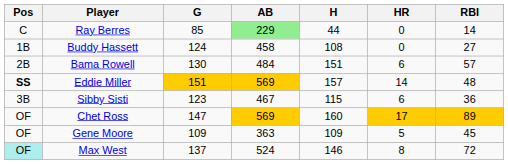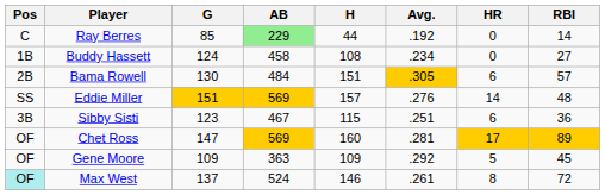 <table class="wikitable sortable">
 <tr>
 <th bgcolor="#DDDDFF" width="5%">Pos</th>
 <th bgcolor="#DDDDFF" width="16%">Player</th>
 <th bgcolor="#DDDDFF" width="9%">G</th>
 <th bgcolor="#DDDDFF" width="9%">AB</th>
 <th bgcolor="#DDDDFF" width="9%">H</th>
+<th bgcolor="#DDDDFF" width="9%">Avg.</th>
 <th bgcolor="#DDDDFF" width="9%">HR</th>
 <th bgcolor="#DDDDFF" width="9%">RBI</th>
 </tr>
 <tr align="center">
 <td>C</td>
 <td><a href='#'>Ray Berres</a></td>
 <td>85</td>
 <td style="background: lightgreen;">229</td>
 <td>44</td>
+<td>.192</td>
 <td>0</td>
 <td>14</td>
 </tr>
 <tr align=center>
 <td>1B</td>
 <td><a href='#'>Buddy Hassett</a></td>
 <td>124</td>
 <td>458</td>
 <td>108</td>
+<td>.234</td>
 <td>0</td>
 <td>27</td>
 </tr>
 <tr align=center>
 <td>2B</td>
 <td><a href='#'>Bama Rowell</a></td>
 <td>130</td>
 <td>484</td>
 <td>151</td>
+<td style="background:#fc0;">.305</td>
 <td>6</td>
 <td>57</td>
 </tr>
 <tr align=center>
-<td><strong>SS</strong></td>
+<td>SS</td>
 <td><a href='#'>Eddie Miller</a></td>
 <td style="background:#fc0;">151</td>
 <td style="background:#fc0;">569</td>
 <td>157</td>
+<td>.276</td>
 <td>14</td>
 <td>48</td>
 </tr>
 <tr align=center>
 <td>3B</td>
 <td><a href='#'>Sibby Sisti</a></td>
 <td>123</td>
 <td>467</td>
 <td>115</td>
+<td>.251</td>
 <td>6</td>
 <td>36</td>
 </tr>
 <tr align=center>
 <td>OF</td>
 <td><a href='#'>Chet Ross</a></td>
 <td>147</td>
 <td style="background:#fc0;">569</td>
 <td>160</td>
+<td>.281</td>
 <td style="background:#fc0;">17</td>
 <td style="background:#fc0;">89</td>
 </tr>
 <tr align=center>
 <td>OF</td>
 <td><a href='#'>Gene Moore</a></td>
 <td>109</td>
 <td>363</td>
 <td>109</td>
+<td>.292</td>
 <td>5</td>
 <td>45</td>
 </tr>
 <tr align=center>
 <td style="background: paleturquoise;">OF</td>
 <td><a href='#'>Max West</a></td>
 <td>137</td>
 <td>524</td>
 <td>146</td>
+<td>.261</td>
 <td>8</td>
 <td>72</td>
 </tr>
 </table>
